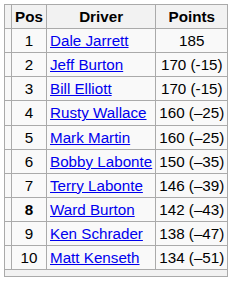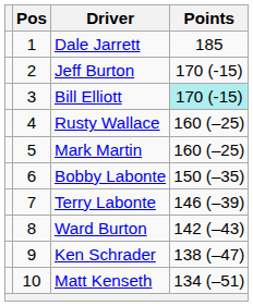 <table class="wikitable" style="font-size: 95%;">
 <tr>
 <th></th>
 <th>Pos</th>
 <th>Driver</th>
 <th>Points</th>
 </tr>
 <tr>
 <td align="left"></td>
 <td style="text-align:center;">1</td>
 <td><a href='#'>Dale Jarrett</a></td>
 <td style="text-align:center;">185</td>
 </tr>
 <tr>
 <td align="left"></td>
 <td style="text-align:center;">2</td>
 <td><a href='#'>Jeff Burton</a></td>
 <td style="text-align:center;">170 (-15)</td>
 </tr>
 <tr>
 <td align="left"></td>
 <td style="text-align:center;">3</td>
 <td><a href='#'>Bill Elliott</a></td>
-<td style="text-align:center;">170 (-15)</td>
+<td style="background: paleturquoise; text-align:center;">170 (-15)</td>
 </tr>
 <tr>
 <td align="left"></td>
 <td style="text-align:center;">4</td>
 <td><a href='#'>Rusty Wallace</a></td>
 <td style="text-align:center;">160 (–25)</td>
 </tr>
 <tr>
 <td align="left"></td>
 <td style="text-align:center;">5</td>
 <td><a href='#'>Mark Martin</a></td>
 <td style="text-align:center;">160 (–25)</td>
 </tr>
 <tr>
 <td align="left"></td>
 <td style="text-align:center;">6</td>
 <td><a href='#'>Bobby Labonte</a></td>
 <td style="text-align:center;">150 (–35)</td>
 </tr>
 <tr>
 <td align="left"></td>
 <td style="text-align:center;">7</td>
 <td><a href='#'>Terry Labonte</a></td>
 <td style="text-align:center;">146 (–39)</td>
 </tr>
 <tr>
 <td align="left"></td>
-<td style="text-align:center;"><strong>8</strong></td>
+<td style="text-align:center;">8</td>
 <td><a href='#'>Ward Burton</a></td>
 <td style="text-align:center;">142 (–43)</td>
 </tr>
 <tr>
 <td align="left"></td>
 <td style="text-align:center;">9</td>
 <td><a href='#'>Ken Schrader</a></td>
 <td style="text-align:center;">138 (–47)</td>
 </tr>
 <tr>
 <td align="left"></td>
 <td style="text-align:center;">10</td>
 <td><a href='#'>Matt Kenseth</a></td>
 <td style="text-align:center;">134 (–51)</td>
 </tr>
 <tr class="sortbottom">
 <th colspan="9"></th>
 </tr>
 </table>
